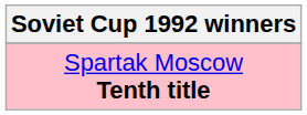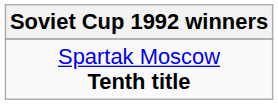 <table class="wikitable" style="text-align: center; margin: 0 auto;">
 <tr>
 <th>Soviet Cup 1992 winners</th>
 </tr>
 <tr>
 </tr>
 <tr>
-<td style="background: pink;"><a href='#'>Spartak Moscow</a><br><strong>Tenth title</strong></td>
+<td><a href='#'>Spartak Moscow</a><br><strong>Tenth title</strong></td>
 </tr>
 </table>
